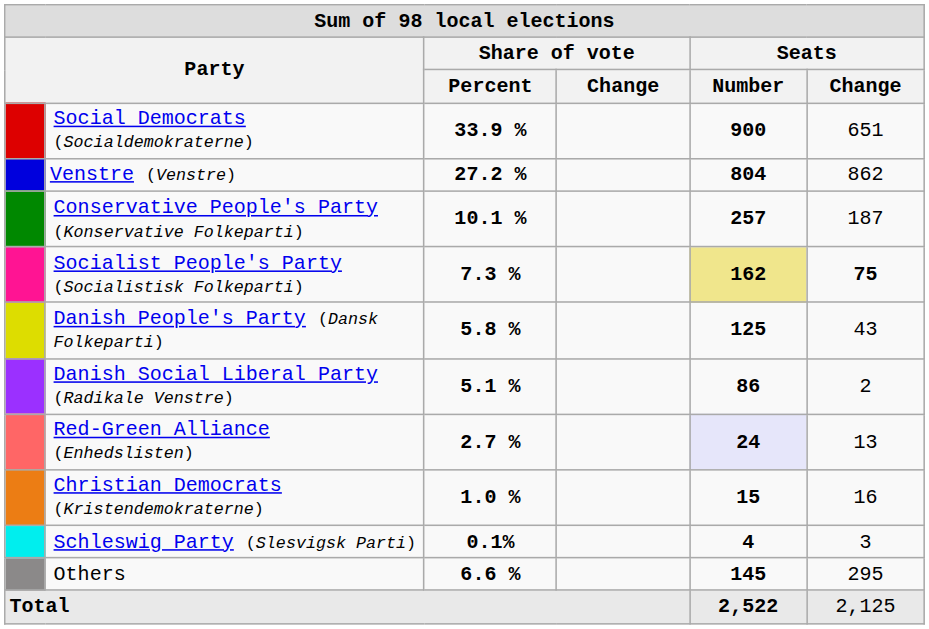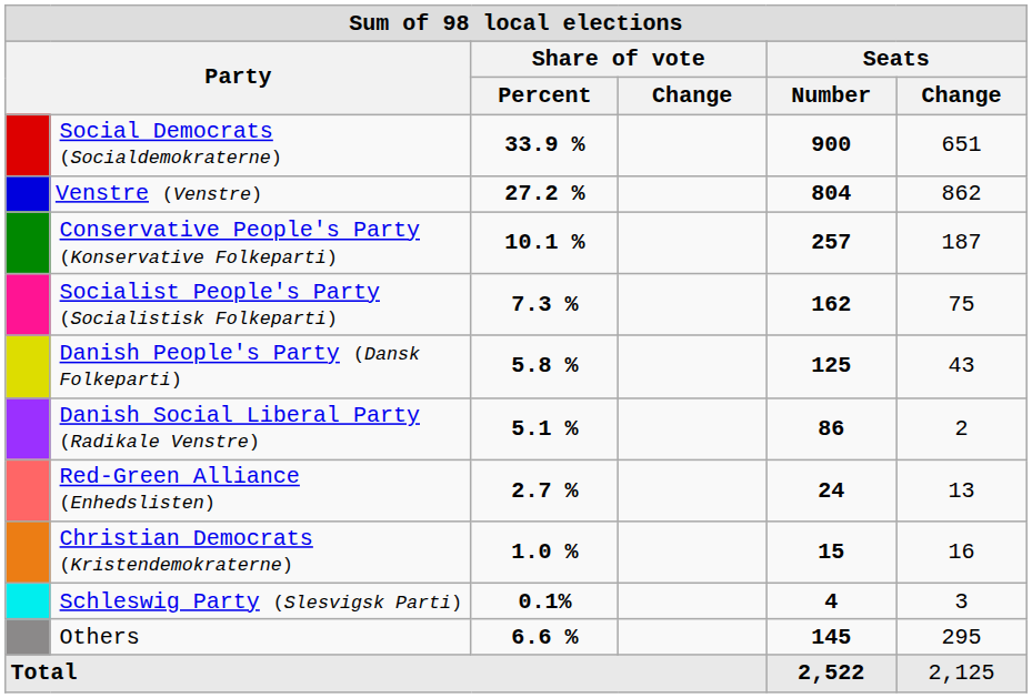 <table class="wikitable" style="margin-left:1em;">
 <tr>
 <th colspan="6" style="background:#dddddd; text-align:center;"><strong>Sum of 98 local elections</strong></th>
 </tr>
 <tr>
 <th rowspan="2" colspan="2">Party</th>
 <th colspan="2">Share of vote</th>
 <th colspan="2">Seats</th>
 </tr>
 <tr>
 <th style="width:80px;">Percent</th>
 <th style="width:80px;">Change</th>
 <th style="width:70px;">Number</th>
 <th style="width:70px;">Change</th>
 </tr>
 <tr>
 <td style="background:#dd0000; text-align:center;"></td>
 <td style="padding-left:5px;"><a href='#'>Social Democrats</a> <small>(<em>Socialdemokraterne</em>)</small></td>
 <td style="text-align:center;"><strong>33.9 %</strong></td>
 <td style="text-align:center;"></td>
 <td style="text-align:center;"><strong>900</strong></td>
 <td style="text-align:center;"> 651</td>
 </tr>
 <tr>
 <td style="width:20px; background:#0000dd; text-align:center;"></td>
 <td style="width:200px padding-left:5px;"><a href='#'>Venstre</a> <small>(<em>Venstre</em>)</small></td>
 <td style="text-align:center;"><strong>27.2 %</strong></td>
 <td style="text-align:center;"></td>
 <td style="text-align:center;"><strong>804</strong></td>
 <td style="text-align:center;"> 862</td>
 </tr>
 <tr>
 <td style="background:#008800; text-align:center;"></td>
 <td style="padding-left:5px;"><a href='#'>Conservative People's Party</a> <small>(<em>Konservative Folkeparti</em>)</small></td>
 <td style="text-align:center;"><strong>10.1 %</strong></td>
 <td style="text-align:center;"></td>
 <td style="text-align:center;"><strong>257</strong></td>
 <td style="text-align:center;"> 187</td>
 </tr>
 <tr>
 <td style="background:#FF1493; text-align:center;"></td>
 <td style="padding-left:5px;"><a href='#'>Socialist People's Party</a> <small>(<em>Socialistisk Folkeparti</em>)</small></td>
 <td style="text-align:center;"><strong>7.3 %</strong></td>
 <td style="text-align:center;"></td>
-<td style="background: khaki; text-align:center;"><strong>162</strong></td>
-<td style="text-align:center;"><strong> 75</strong></td>
+<td style="text-align:center;"><strong>162</strong></td>
+<td style="text-align:center;"> 75</td>
 </tr>
 <tr>
 <td style="background:#dddd00; text-align:center;"></td>
 <td style="padding-left:5px;"><a href='#'>Danish People's Party</a> <small>(<em>Dansk Folkeparti</em>)</small></td>
 <td style="text-align:center;"><strong>5.8 %</strong></td>
 <td style="text-align:center;"></td>
 <td style="text-align:center;"><strong>125</strong></td>
 <td style="text-align:center;"> 43</td>
 </tr>
 <tr>
 <td style="background:#9B30FF; text-align:center;"></td>
 <td style="padding-left:5px;"><a href='#'>Danish Social Liberal Party</a> <small>(<em>Radikale Venstre</em>)</small></td>
 <td style="text-align:center;"><strong>5.1 %</strong></td>
 <td style="text-align:center;"></td>
 <td style="text-align:center;"><strong>86</strong></td>
 <td style="text-align:center;"> 2</td>
 </tr>
 <tr>
 <td style="background:#FF6666; text-align:center;"></td>
 <td style="padding-left:5px;"><a href='#'>Red-Green Alliance</a> <small>(<em>Enhedslisten</em>)</small></td>
 <td style="text-align:center;"><strong>2.7 %</strong></td>
 <td style="text-align:center;"></td>
-<td style="background: lavender; text-align:center;"><strong>24</strong></td>
+<td style="text-align:center;"><strong>24</strong></td>
 <td style="text-align:center;"> 13</td>
 </tr>
 <tr>
 <td style="background:#EC7D14; text-align:center;"></td>
 <td style="padding-left:5px;"><a href='#'>Christian Democrats</a> <small>(<em>Kristendemokraterne</em>)</small></td>
 <td style="text-align:center;"><strong>1.0 %</strong></td>
 <td style="text-align:center;"></td>
 <td style="text-align:center;"><strong>15</strong></td>
 <td style="text-align:center;"> 16</td>
 </tr>
 <tr>
 <td style="background:#00EEEE; text-align:center;"></td>
 <td style="padding-left:5px;"><a href='#'>Schleswig Party</a> <small>(<em>Slesvigsk Parti</em>)</small></td>
 <td style="text-align:center;"><strong>0.1%</strong></td>
 <td style="text-align:center;"></td>
 <td style="text-align:center;"><strong>4</strong></td>
 <td style="text-align:center;"> 3</td>
 </tr>
 <tr>
 <td style="background:#8B8989;"></td>
 <td style="padding-left:5px;">Others</td>
 <td style="text-align:center;"><strong>6.6 %</strong></td>
 <td style="text-align:center;"></td>
 <td style="text-align:center;"><strong>145</strong></td>
 <td style="text-align:center;"> 295</td>
 </tr>
 <tr>
 <td style="background-color:#E9E9E9" colspan="4"><strong>Total</strong></td>
 <td style="text-align:center; background-color:#E9E9E9"><strong>2,522</strong></td>
 <td style="text-align:center; background-color:#E9E9E9"> 2,125</td>
 </tr>
 </table>
